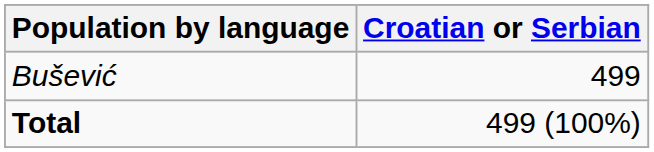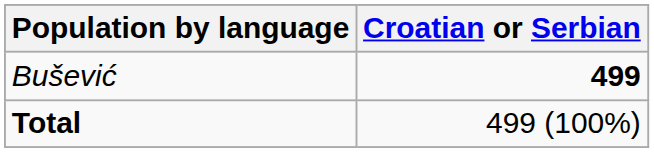 <table class="wikitable sortable">
 <tr>
 <th>Population by language</th>
 <th><a href='#'>Croatian</a> or <a href='#'>Serbian</a></th>
 </tr>
 <tr>
 <td><em>Bušević</em></td>
-<td align="right">499</td>
+<td align="right"><strong>499</strong></td>
 </tr>
 <tr>
 <td><strong>Total</strong></td>
 <td align="right">499 (100%)</td>
 </tr>
 </table>
